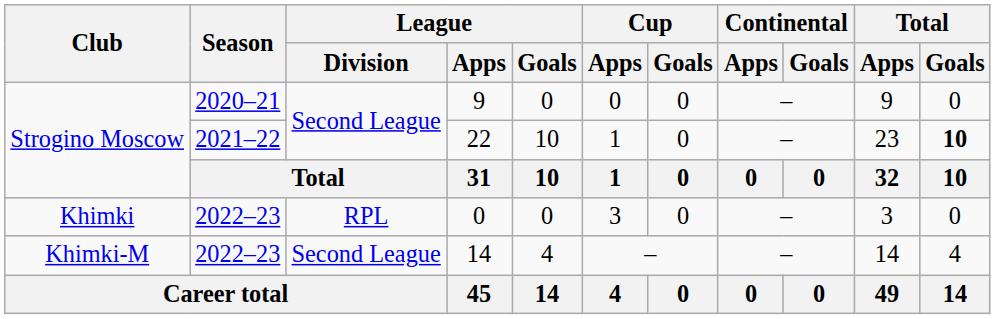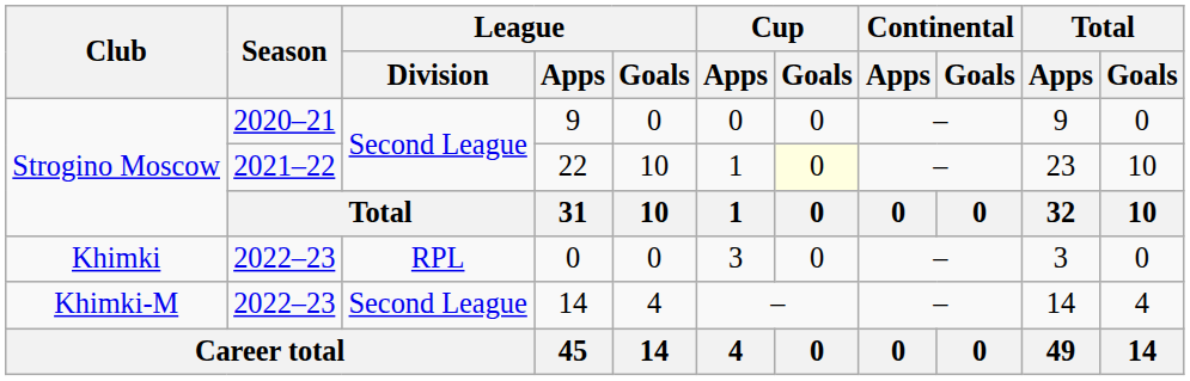 <table class="wikitable" style="text-align: center;">
 <tr>
 <th rowspan=2>Club</th>
 <th rowspan=2>Season</th>
 <th colspan=3>League</th>
 <th colspan=2>Cup</th>
 <th colspan=2>Continental</th>
 <th colspan=2>Total</th>
 </tr>
 <tr>
 <th>Division</th>
 <th>Apps</th>
 <th>Goals</th>
 <th>Apps</th>
 <th>Goals</th>
 <th>Apps</th>
 <th>Goals</th>
 <th>Apps</th>
 <th>Goals</th>
 </tr>
 <tr>
 <td rowspan="3"><a href='#'>Strogino Moscow</a></td>
 <td><a href='#'>2020–21</a></td>
 <td rowspan="2"><a href='#'>Second League</a></td>
 <td>9</td>
 <td>0</td>
 <td>0</td>
 <td>0</td>
 <td colspan=2>–</td>
 <td>9</td>
 <td>0</td>
 </tr>
 <tr>
 <td><a href='#'>2021–22</a></td>
 <td>22</td>
 <td>10</td>
 <td>1</td>
-<td>0</td>
+<td style="background: lightyellow;">0</td>
 <td colspan=2>–</td>
 <td>23</td>
-<td><strong>10</strong></td>
+<td>10</td>
 </tr>
 <tr>
 <th colspan=2>Total</th>
 <th>31</th>
 <th>10</th>
 <th>1</th>
 <th>0</th>
 <th>0</th>
 <th>0</th>
 <th>32</th>
 <th>10</th>
 </tr>
 <tr>
 <td><a href='#'>Khimki</a></td>
 <td><a href='#'>2022–23</a></td>
 <td><a href='#'>RPL</a></td>
 <td>0</td>
 <td>0</td>
 <td>3</td>
 <td>0</td>
 <td colspan=2>–</td>
 <td>3</td>
 <td>0</td>
 </tr>
 <tr>
 <td><a href='#'>Khimki-M</a></td>
 <td><a href='#'>2022–23</a></td>
 <td><a href='#'>Second League</a></td>
 <td>14</td>
 <td>4</td>
 <td colspan=2>–</td>
 <td colspan=2>–</td>
 <td>14</td>
 <td>4</td>
 </tr>
 <tr>
 <th colspan=3>Career total</th>
 <th>45</th>
 <th>14</th>
 <th>4</th>
 <th>0</th>
 <th>0</th>
 <th>0</th>
 <th>49</th>
 <th>14</th>
 </tr>
 </table>
